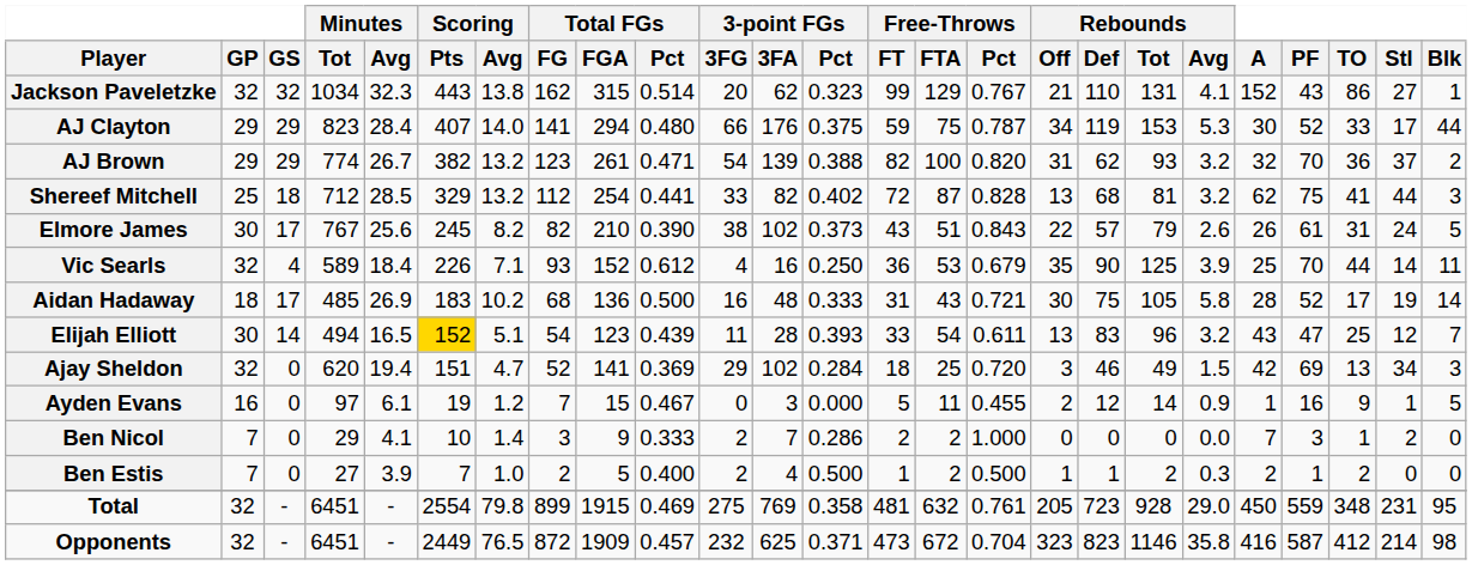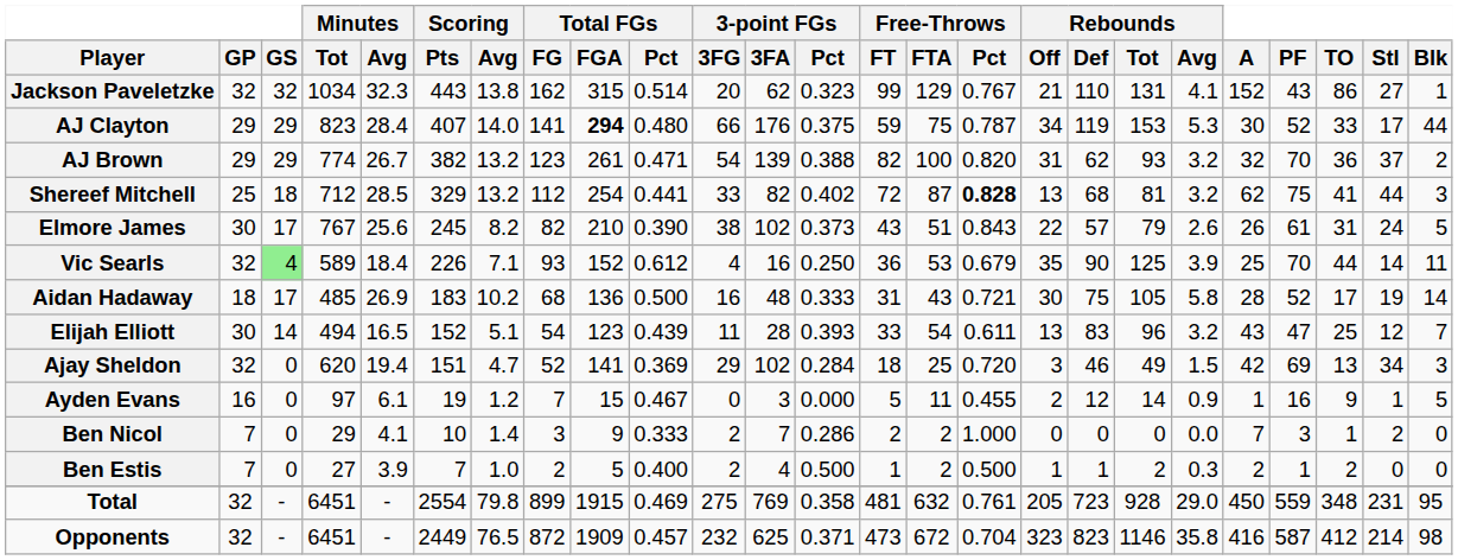 <table class="wikitable sortable" border="1" style="font-size:90%;">
 <tr>
 <th colspan="3" style="border-top-style:hidden; border-left-style:hidden; background: white;"></th>
 <th colspan="2" style=>Minutes</th>
 <th colspan="2" style=>Scoring</th>
 <th colspan="3" style=>Total FGs</th>
 <th colspan="3" style=>3-point FGs</th>
 <th colspan="3" style=>Free-Throws</th>
 <th colspan="4" style=>Rebounds</th>
 <th colspan="5" style="border-top-style:hidden; border-right-style:hidden; background: white;"></th>
 </tr>
 <tr>
 <th scope="col" style=>Player</th>
 <th scope="col" style=>GP</th>
 <th scope="col" style=>GS</th>
 <th scope="col" style=>Tot</th>
 <th scope="col" style=>Avg</th>
 <th scope="col" style=>Pts</th>
 <th scope="col" style=>Avg</th>
 <th scope="col" style=>FG</th>
 <th scope="col" style=>FGA</th>
 <th scope="col" style=>Pct</th>
 <th scope="col" style=>3FG</th>
 <th scope="col" style=>3FA</th>
 <th scope="col" style=>Pct</th>
 <th scope="col" style=>FT</th>
 <th scope="col" style=>FTA</th>
 <th scope="col" style=>Pct</th>
 <th scope="col" style=>Off</th>
 <th scope="col" style=>Def</th>
 <th scope="col" style=>Tot</th>
 <th scope="col" style=>Avg</th>
 <th scope="col" style=>A</th>
 <th scope="col" style=>PF</th>
 <th scope="col" style=>TO</th>
 <th scope="col" style=>Stl</th>
 <th scope="col" style=>Blk</th>
 </tr>
 <tr>
 <th>Jackson Paveletzke</th>
 <td align="right">32</td>
 <td align="right">32</td>
 <td align="right">1034</td>
 <td align="right">32.3</td>
 <td align="right">443</td>
 <td align="right">13.8</td>
 <td align="right">162</td>
 <td align="right">315</td>
 <td align="right">0.514</td>
 <td align="right">20</td>
 <td align="right">62</td>
 <td align="right">0.323</td>
 <td align="right">99</td>
 <td align="right">129</td>
 <td align="right">0.767</td>
 <td align="right">21</td>
 <td align="right">110</td>
 <td align="right">131</td>
 <td align="right">4.1</td>
 <td align="right">152</td>
 <td align="right">43</td>
 <td align="right">86</td>
 <td align="right">27</td>
 <td align="right">1</td>
 </tr>
 <tr>
 <th>AJ Clayton</th>
 <td align="right">29</td>
 <td align="right">29</td>
 <td align="right">823</td>
 <td align="right">28.4</td>
 <td align="right">407</td>
 <td align="right">14.0</td>
 <td align="right">141</td>
-<td align="right">294</td>
+<td align="right"><strong>294</strong></td>
 <td align="right">0.480</td>
 <td align="right">66</td>
 <td align="right">176</td>
 <td align="right">0.375</td>
 <td align="right">59</td>
 <td align="right">75</td>
 <td align="right">0.787</td>
 <td align="right">34</td>
 <td align="right">119</td>
 <td align="right">153</td>
 <td align="right">5.3</td>
 <td align="right">30</td>
 <td align="right">52</td>
 <td align="right">33</td>
 <td align="right">17</td>
 <td align="right">44</td>
 </tr>
 <tr>
 <th>AJ Brown</th>
 <td align="right">29</td>
 <td align="right">29</td>
 <td align="right">774</td>
 <td align="right">26.7</td>
 <td align="right">382</td>
 <td align="right">13.2</td>
 <td align="right">123</td>
 <td align="right">261</td>
 <td align="right">0.471</td>
 <td align="right">54</td>
 <td align="right">139</td>
 <td align="right">0.388</td>
 <td align="right">82</td>
 <td align="right">100</td>
 <td align="right">0.820</td>
 <td align="right">31</td>
 <td align="right">62</td>
 <td align="right">93</td>
 <td align="right">3.2</td>
 <td align="right">32</td>
 <td align="right">70</td>
 <td align="right">36</td>
 <td align="right">37</td>
 <td align="right">2</td>
 </tr>
 <tr>
 <th>Shereef Mitchell</th>
 <td align="right">25</td>
 <td align="right">18</td>
 <td align="right">712</td>
 <td align="right">28.5</td>
 <td align="right">329</td>
 <td align="right">13.2</td>
 <td align="right">112</td>
 <td align="right">254</td>
 <td align="right">0.441</td>
 <td align="right">33</td>
 <td align="right">82</td>
 <td align="right">0.402</td>
 <td align="right">72</td>
 <td align="right">87</td>
-<td align="right">0.828</td>
+<td align="right"><strong>0.828</strong></td>
 <td align="right">13</td>
 <td align="right">68</td>
 <td align="right">81</td>
 <td align="right">3.2</td>
 <td align="right">62</td>
 <td align="right">75</td>
 <td align="right">41</td>
 <td align="right">44</td>
 <td align="right">3</td>
 </tr>
 <tr>
 <th>Elmore James</th>
 <td align="right">30</td>
 <td align="right">17</td>
 <td align="right">767</td>
 <td align="right">25.6</td>
 <td align="right">245</td>
 <td align="right">8.2</td>
 <td align="right">82</td>
 <td align="right">210</td>
 <td align="right">0.390</td>
 <td align="right">38</td>
 <td align="right">102</td>
 <td align="right">0.373</td>
 <td align="right">43</td>
 <td align="right">51</td>
 <td align="right">0.843</td>
 <td align="right">22</td>
 <td align="right">57</td>
 <td align="right">79</td>
 <td align="right">2.6</td>
 <td align="right">26</td>
 <td align="right">61</td>
 <td align="right">31</td>
 <td align="right">24</td>
 <td align="right">5</td>
 </tr>
 <tr>
 <th>Vic Searls</th>
 <td align="right">32</td>
-<td align="right">4</td>
+<td align="right" style="background: lightgreen;">4</td>
 <td align="right">589</td>
 <td align="right">18.4</td>
 <td align="right">226</td>
 <td align="right">7.1</td>
 <td align="right">93</td>
 <td align="right">152</td>
 <td align="right">0.612</td>
 <td align="right">4</td>
 <td align="right">16</td>
 <td align="right">0.250</td>
 <td align="right">36</td>
 <td align="right">53</td>
 <td align="right">0.679</td>
 <td align="right">35</td>
 <td align="right">90</td>
 <td align="right">125</td>
 <td align="right">3.9</td>
 <td align="right">25</td>
 <td align="right">70</td>
 <td align="right">44</td>
 <td align="right">14</td>
 <td align="right">11</td>
 </tr>
 <tr>
 <th>Aidan Hadaway</th>
 <td align="right">18</td>
 <td align="right">17</td>
 <td align="right">485</td>
 <td align="right">26.9</td>
 <td align="right">183</td>
 <td align="right">10.2</td>
 <td align="right">68</td>
 <td align="right">136</td>
 <td align="right">0.500</td>
 <td align="right">16</td>
 <td align="right">48</td>
 <td align="right">0.333</td>
 <td align="right">31</td>
 <td align="right">43</td>
 <td align="right">0.721</td>
 <td align="right">30</td>
 <td align="right">75</td>
 <td align="right">105</td>
 <td align="right">5.8</td>
 <td align="right">28</td>
 <td align="right">52</td>
 <td align="right">17</td>
 <td align="right">19</td>
 <td align="right">14</td>
 </tr>
 <tr>
 <th>Elijah Elliott</th>
 <td align="right">30</td>
 <td align="right">14</td>
 <td align="right">494</td>
 <td align="right">16.5</td>
-<td align="right" style="background: gold;">152</td>
+<td align="right">152</td>
 <td align="right">5.1</td>
 <td align="right">54</td>
 <td align="right">123</td>
 <td align="right">0.439</td>
 <td align="right">11</td>
 <td align="right">28</td>
 <td align="right">0.393</td>
 <td align="right">33</td>
 <td align="right">54</td>
 <td align="right">0.611</td>
 <td align="right">13</td>
 <td align="right">83</td>
 <td align="right">96</td>
 <td align="right">3.2</td>
 <td align="right">43</td>
 <td align="right">47</td>
 <td align="right">25</td>
 <td align="right">12</td>
 <td align="right">7</td>
 </tr>
 <tr>
 <th>Ajay Sheldon</th>
 <td align="right">32</td>
 <td align="right">0</td>
 <td align="right">620</td>
 <td align="right">19.4</td>
 <td align="right">151</td>
 <td align="right">4.7</td>
 <td align="right">52</td>
 <td align="right">141</td>
 <td align="right">0.369</td>
 <td align="right">29</td>
 <td align="right">102</td>
 <td align="right">0.284</td>
 <td align="right">18</td>
 <td align="right">25</td>
 <td align="right">0.720</td>
 <td align="right">3</td>
 <td align="right">46</td>
 <td align="right">49</td>
 <td align="right">1.5</td>
 <td align="right">42</td>
 <td align="right">69</td>
 <td align="right">13</td>
 <td align="right">34</td>
 <td align="right">3</td>
 </tr>
 <tr>
 <th>Ayden Evans</th>
 <td align="right">16</td>
 <td align="right">0</td>
 <td align="right">97</td>
 <td align="right">6.1</td>
 <td align="right">19</td>
 <td align="right">1.2</td>
 <td align="right">7</td>
 <td align="right">15</td>
 <td align="right">0.467</td>
 <td align="right">0</td>
 <td align="right">3</td>
 <td align="right">0.000</td>
 <td align="right">5</td>
 <td align="right">11</td>
 <td align="right">0.455</td>
 <td align="right">2</td>
 <td align="right">12</td>
 <td align="right">14</td>
 <td align="right">0.9</td>
 <td align="right">1</td>
 <td align="right">16</td>
 <td align="right">9</td>
 <td align="right">1</td>
 <td align="right">5</td>
 </tr>
 <tr>
 <th>Ben Nicol</th>
 <td align="right">7</td>
 <td align="right">0</td>
 <td align="right">29</td>
 <td align="right">4.1</td>
 <td align="right">10</td>
 <td align="right">1.4</td>
 <td align="right">3</td>
 <td align="right">9</td>
 <td align="right">0.333</td>
 <td align="right">2</td>
 <td align="right">7</td>
 <td align="right">0.286</td>
 <td align="right">2</td>
 <td align="right">2</td>
 <td align="right">1.000</td>
 <td align="right">0</td>
 <td align="right">0</td>
 <td align="right">0</td>
 <td align="right">0.0</td>
 <td align="right">7</td>
 <td align="right">3</td>
 <td align="right">1</td>
 <td align="right">2</td>
 <td align="right">0</td>
 </tr>
 <tr>
 <th>Ben Estis</th>
 <td align="right">7</td>
 <td align="right">0</td>
 <td align="right">27</td>
 <td align="right">3.9</td>
 <td align="right">7</td>
 <td align="right">1.0</td>
 <td align="right">2</td>
 <td align="right">5</td>
 <td align="right">0.400</td>
 <td align="right">2</td>
 <td align="right">4</td>
 <td align="right">0.500</td>
 <td align="right">1</td>
 <td align="right">2</td>
 <td align="right">0.500</td>
 <td align="right">1</td>
 <td align="right">1</td>
 <td align="right">2</td>
 <td align="right">0.3</td>
 <td align="right">2</td>
 <td align="right">1</td>
 <td align="right">2</td>
 <td align="right">0</td>
 <td align="right">0</td>
 </tr>
 <tr>
 </tr>
 <tr class="sortbottom">
 <td align="center" style=><strong>Total</strong></td>
 <td align="center" style=>32</td>
 <td align="center" style=>-</td>
 <td align="center" style=>6451</td>
 <td align="center" style=>-</td>
 <td align="center" style=>2554</td>
 <td align="center" style=>79.8</td>
 <td align="center" style=>899</td>
 <td align="center" style=>1915</td>
 <td align="center" style=>0.469</td>
 <td align="center" style=>275</td>
 <td align="center" style=>769</td>
 <td align="center" style=>0.358</td>
 <td align="center" style=>481</td>
 <td align="center" style=>632</td>
 <td align="center" style=>0.761</td>
 <td align="center" style=>205</td>
 <td align="center" style=>723</td>
 <td align="center" style=>928</td>
 <td align="center" style=>29.0</td>
 <td align="center" style=>450</td>
 <td align="center" style=>559</td>
 <td align="center" style=>348</td>
 <td align="center" style=>231</td>
 <td align="center" style=>95</td>
 </tr>
 <tr class="sortbottom">
 <td align="center"><strong>Opponents</strong></td>
 <td align="center">32</td>
 <td align="center">-</td>
 <td align="center">6451</td>
 <td align="center">-</td>
 <td align="center">2449</td>
 <td align="center">76.5</td>
 <td align="center">872</td>
 <td align="center">1909</td>
 <td align="center">0.457</td>
 <td align="center">232</td>
 <td align="center">625</td>
 <td align="center">0.371</td>
 <td align="center">473</td>
 <td align="center">672</td>
 <td align="center">0.704</td>
 <td align="center">323</td>
 <td align="center">823</td>
 <td align="center">1146</td>
 <td align="center">35.8</td>
 <td align="center">416</td>
 <td align="center">587</td>
 <td align="center">412</td>
 <td align="center">214</td>
 <td align="center">98</td>
 </tr>
 </table>
